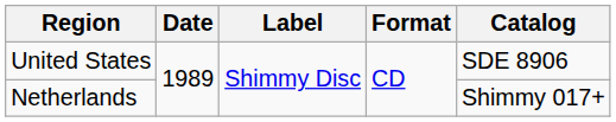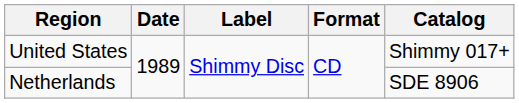 <table class="wikitable">
 <tr>
 <th>Region</th>
 <th>Date</th>
 <th>Label</th>
 <th>Format</th>
 <th>Catalog</th>
 </tr>
 <tr>
 <td>United States</td>
 <td rowspan="2">1989</td>
 <td rowspan="2"><a href='#'>Shimmy Disc</a></td>
 <td rowspan="2"><a href='#'>CD</a></td>
-<td>SDE 8906</td>
+<td>Shimmy 017+</td>
 </tr>
 <tr>
 <td>Netherlands</td>
-<td>Shimmy 017+</td>
+<td>SDE 8906</td>
 </tr>
 </table>
